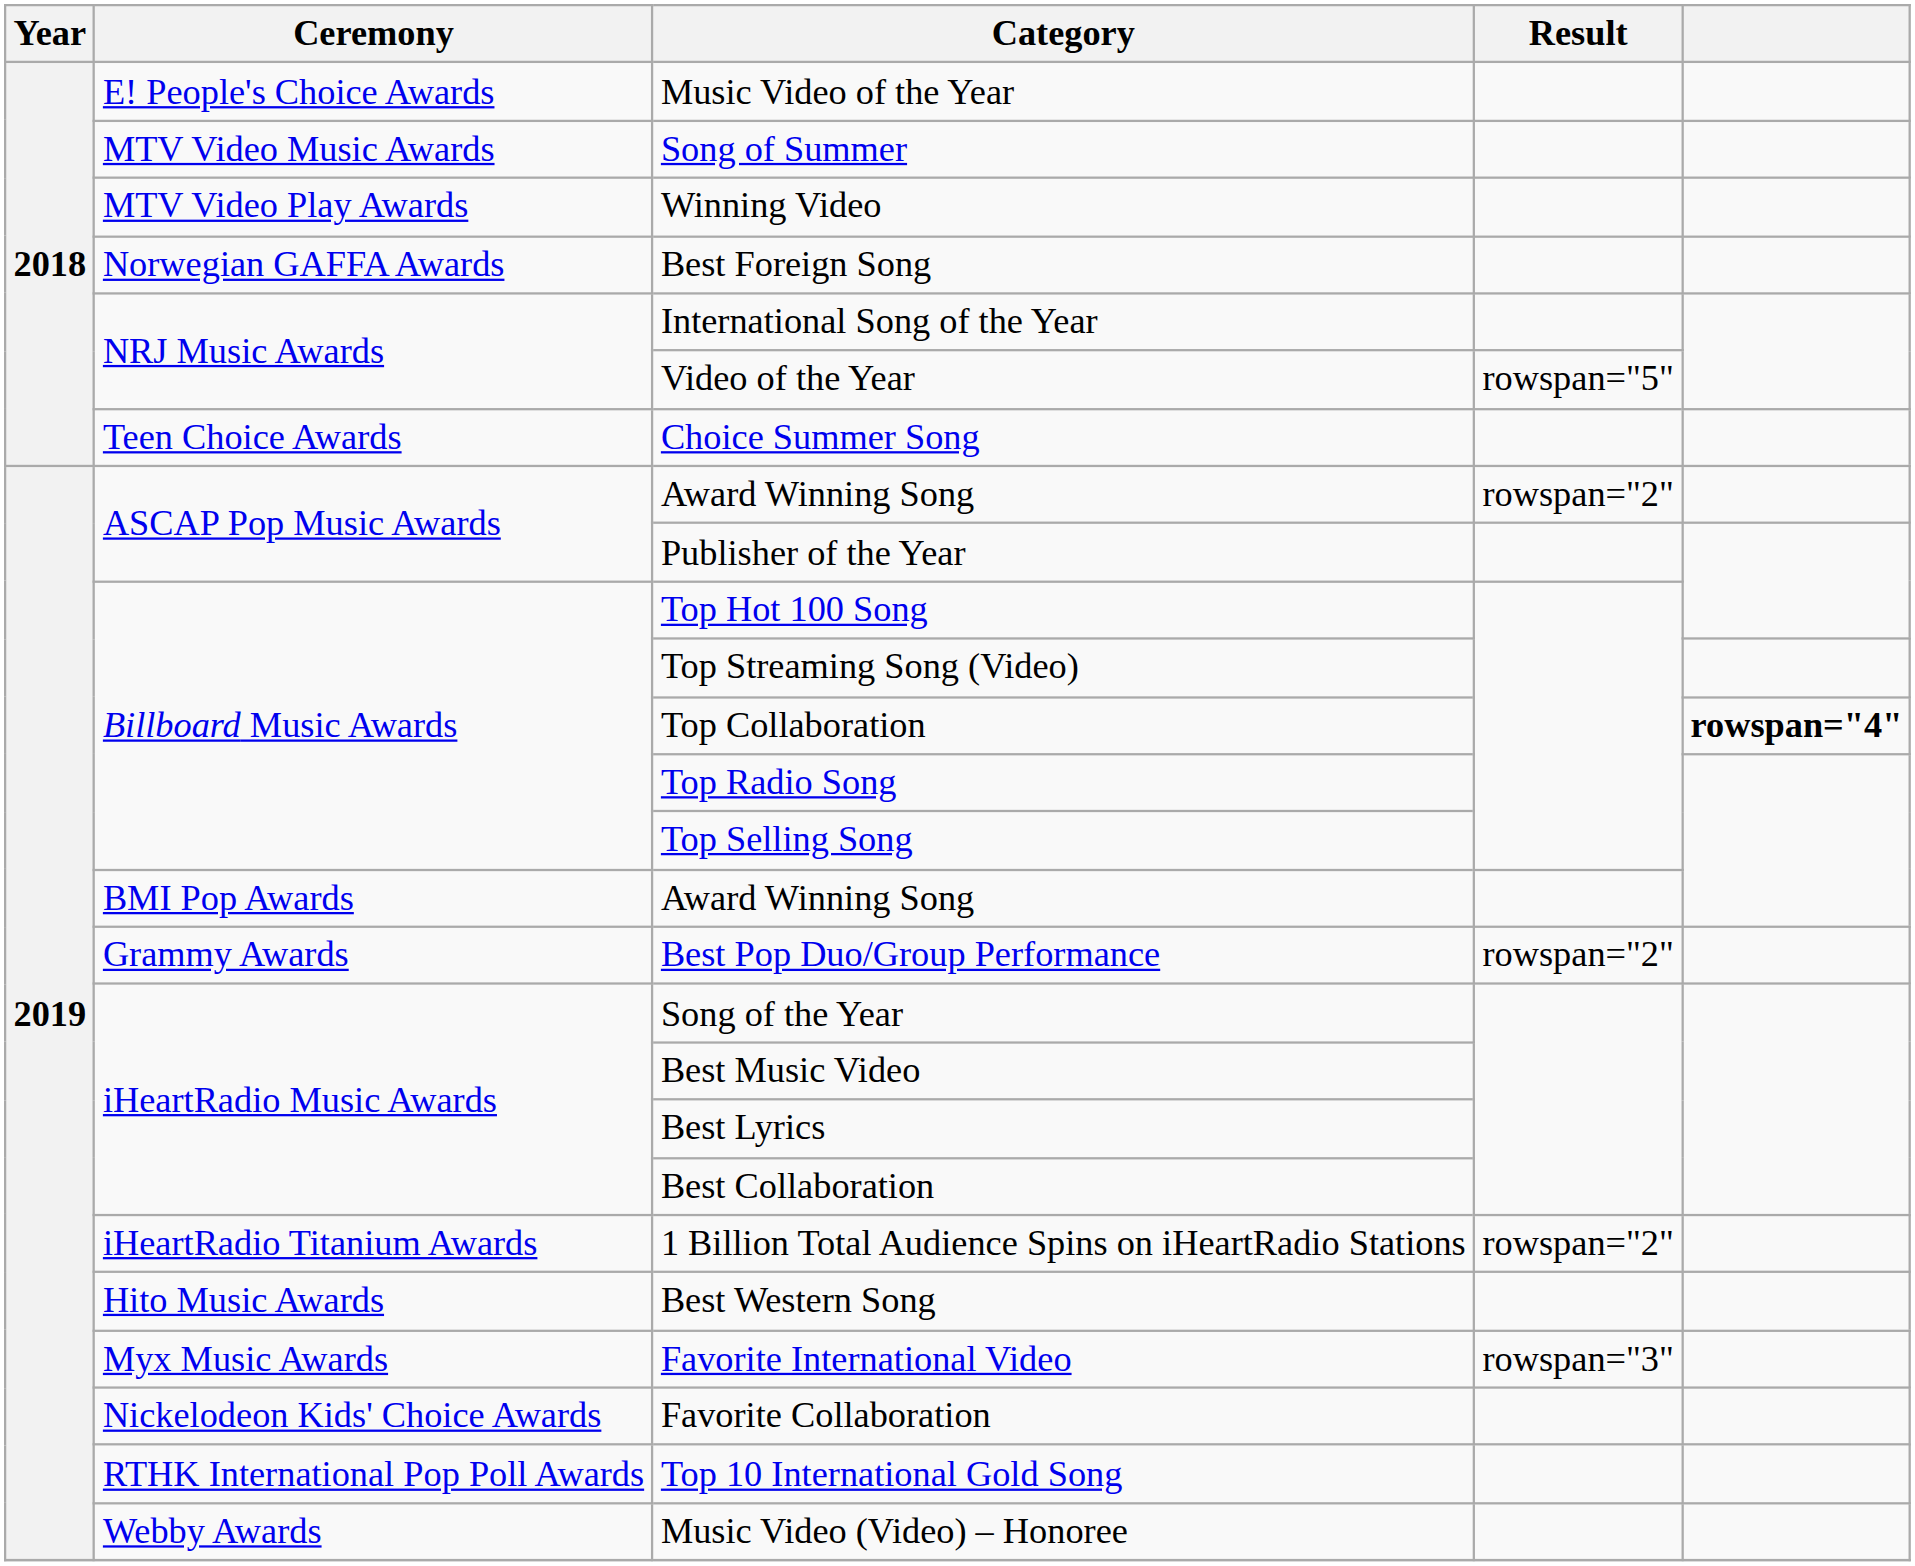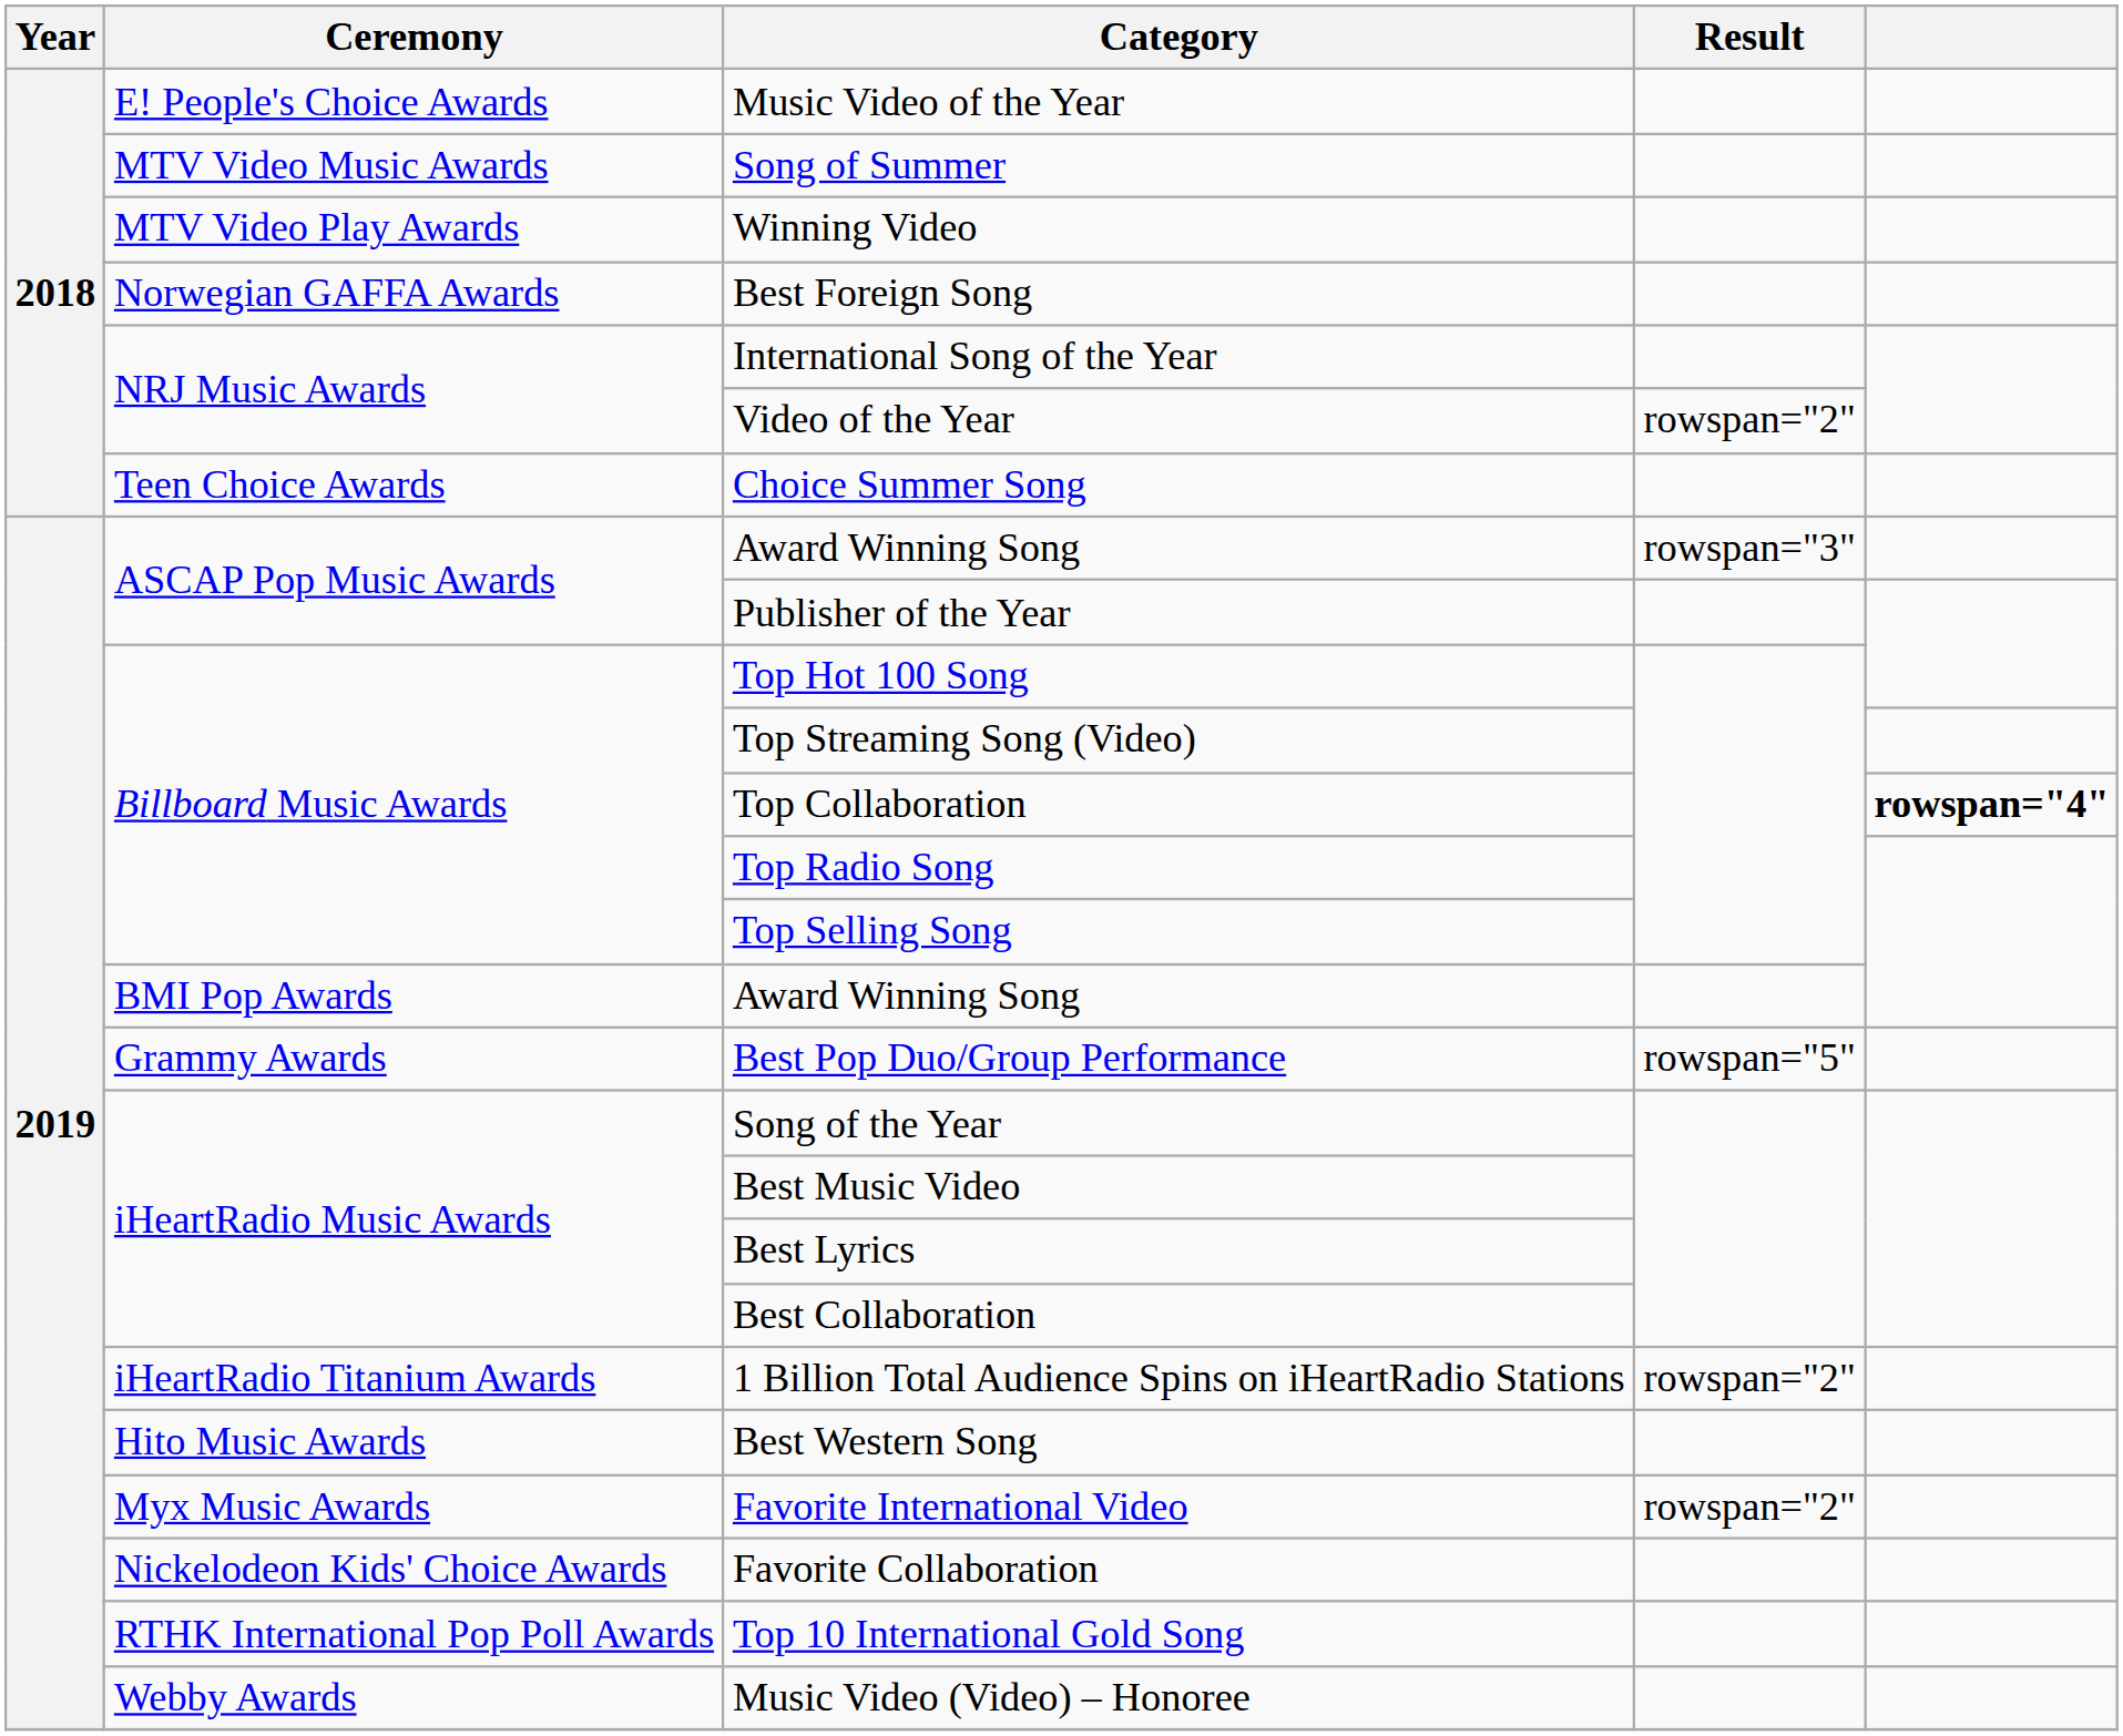 <table class="wikitable plainrowheaders">
 <tr>
 <th scope="col">Year</th>
 <th scope="col">Ceremony</th>
 <th scope="col">Category</th>
 <th scope="col">Result</th>
 <th scope="col"></th>
 </tr>
 <tr>
 <th scope="row" rowspan="7">2018</th>
 <td><a href='#'>E! People's Choice Awards</a></td>
 <td>Music Video of the Year</td>
 <td></td>
 <td style="text-align:center;"></td>
 </tr>
 <tr>
 <td><a href='#'>MTV Video Music Awards</a></td>
 <td><a href='#'>Song of Summer</a></td>
 <td></td>
 <td style="text-align:center;"></td>
 </tr>
 <tr>
 <td><a href='#'>MTV Video Play Awards</a></td>
 <td>Winning Video</td>
 <td></td>
 <td style="text-align:center;"></td>
 </tr>
 <tr>
 <td><a href='#'>Norwegian GAFFA Awards</a></td>
 <td>Best Foreign Song</td>
 <td></td>
 <td style="text-align:center;"></td>
 </tr>
 <tr>
 <td rowspan="2"><a href='#'>NRJ Music Awards</a></td>
 <td>International Song of the Year</td>
 <td></td>
 <td rowspan="2" style="text-align:center;"></td>
 </tr>
 <tr>
 <td>Video of the Year</td>
-<td>rowspan="5" </td>
+<td>rowspan="2" </td>
 </tr>
 <tr>
 <td><a href='#'>Teen Choice Awards</a></td>
 <td><a href='#'>Choice Summer Song</a></td>
 <td style="text-align:center;"></td>
 </tr>
 <tr>
 <th scope="row" rowspan="19">2019</th>
 <td rowspan="2"><a href='#'>ASCAP Pop Music Awards</a></td>
 <td>Award Winning Song</td>
-<td>rowspan="2" </td>
+<td>rowspan="3" </td>
 <td style="text-align:center;"></td>
 </tr>
 <tr>
 <td>Publisher of the Year </td>
 <td style="text-align:center;"></td>
 </tr>
 <tr>
 <td rowspan="5"><a href='#'><em>Billboard</em> Music Awards</a></td>
 <td><a href='#'>Top Hot 100 Song</a></td>
 <td rowspan="5" style="text-align:center;"></td>
 </tr>
 <tr>
 <td>Top Streaming Song (Video)</td>
 <td></td>
 </tr>
 <tr>
 <td>Top Collaboration</td>
 <td><strong>rowspan="4" </strong></td>
 </tr>
 <tr>
 <td><a href='#'>Top Radio Song</a></td>
 </tr>
 <tr>
 <td><a href='#'>Top Selling Song</a></td>
 </tr>
 <tr>
 <td><a href='#'>BMI Pop Awards</a></td>
 <td>Award Winning Song</td>
 <td style="text-align:center;"></td>
 </tr>
 <tr>
 <td><a href='#'>Grammy Awards</a></td>
 <td><a href='#'>Best Pop Duo/Group Performance</a></td>
-<td>rowspan="2" </td>
+<td>rowspan="5" </td>
 <td style="text-align:center;"></td>
 </tr>
 <tr>
 <td rowspan="4"><a href='#'>iHeartRadio Music Awards</a></td>
 <td>Song of the Year</td>
 <td rowspan="4" style="text-align:center;"></td>
 </tr>
 <tr>
 <td>Best Music Video</td>
 </tr>
 <tr>
 <td>Best Lyrics</td>
 </tr>
 <tr>
 <td>Best Collaboration</td>
 </tr>
 <tr>
 <td><a href='#'>iHeartRadio Titanium Awards</a></td>
 <td>1 Billion Total Audience Spins on iHeartRadio Stations</td>
 <td>rowspan="2" </td>
 <td style="text-align:center;"></td>
 </tr>
 <tr>
 <td><a href='#'>Hito Music Awards</a></td>
 <td>Best Western Song</td>
 <td style="text-align:center;"></td>
 </tr>
 <tr>
 <td><a href='#'>Myx Music Awards</a></td>
 <td><a href='#'>Favorite International Video</a></td>
-<td>rowspan="3" </td>
+<td>rowspan="2" </td>
 <td style="text-align:center;"></td>
 </tr>
 <tr>
 <td><a href='#'>Nickelodeon Kids' Choice Awards</a></td>
 <td>Favorite Collaboration</td>
 <td style="text-align:center;"></td>
 </tr>
 <tr>
 <td><a href='#'>RTHK International Pop Poll Awards</a></td>
 <td><a href='#'>Top 10 International Gold Song</a></td>
 <td></td>
 <td style="text-align:center;"></td>
 </tr>
 <tr>
 <td><a href='#'>Webby Awards</a></td>
 <td>Music Video (Video) – Honoree</td>
 <td></td>
 <td style="text-align:center;"><br></td>
 </tr>
 <tr>
 </tr>
 </table>
